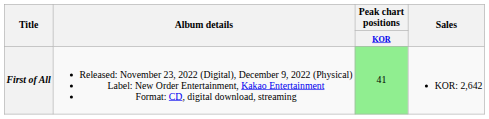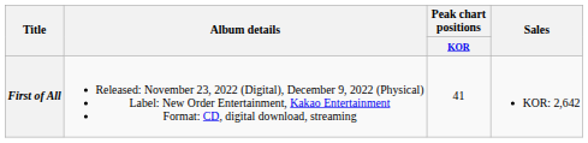 <table class="wikitable plainrowheaders" style="text-align:center;">
 <tr>
 <th scope="col" rowspan="2">Title</th>
 <th scope="col" rowspan="2">Album details</th>
 <th scope="col" colspan="1" style="width:5em;">Peak chart positions</th>
 <th scope="col" rowspan="2">Sales</th>
 </tr>
 <tr>
 <th><small><a href='#'>KOR</a></small><br></th>
 </tr>
 <tr>
 <th scope="row"><em>First of All</em></th>
 <td><br><ul><li>Released: November 23, 2022 (Digital), December 9, 2022 (Physical)</li><li>Label: New Order Entertainment, <a href='#'>Kakao Entertainment</a></li><li>Format: <a href='#'>CD</a>, digital download, streaming</li></ul></td>
-<td style="background: lightgreen;">41</td>
+<td>41</td>
 <td><br><ul><li>KOR: 2,642</li></ul></td>
 </tr>
 </table>
